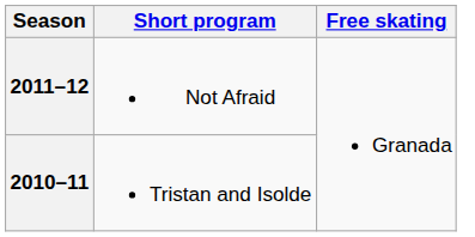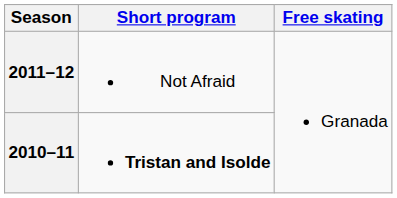 <table class=wikitable style=text-align:center>
 <tr>
 <th>Season</th>
 <th><a href='#'>Short program</a></th>
 <th><a href='#'>Free skating</a></th>
 </tr>
 <tr>
 <th>2011–12 <br> </th>
 <td><br><ul><li>Not Afraid <br></li></ul></td>
 <td rowspan="2"><br><ul><li>Granada</li></ul></td>
 </tr>
 <tr>
 <th>2010–11 <br> </th>
-<td><br><ul><li>Tristan and Isolde <br></li></ul></td>
+<td><strong><br><ul><li>Tristan and Isolde <br></li></ul></strong></td>
 </tr>
 </table>
